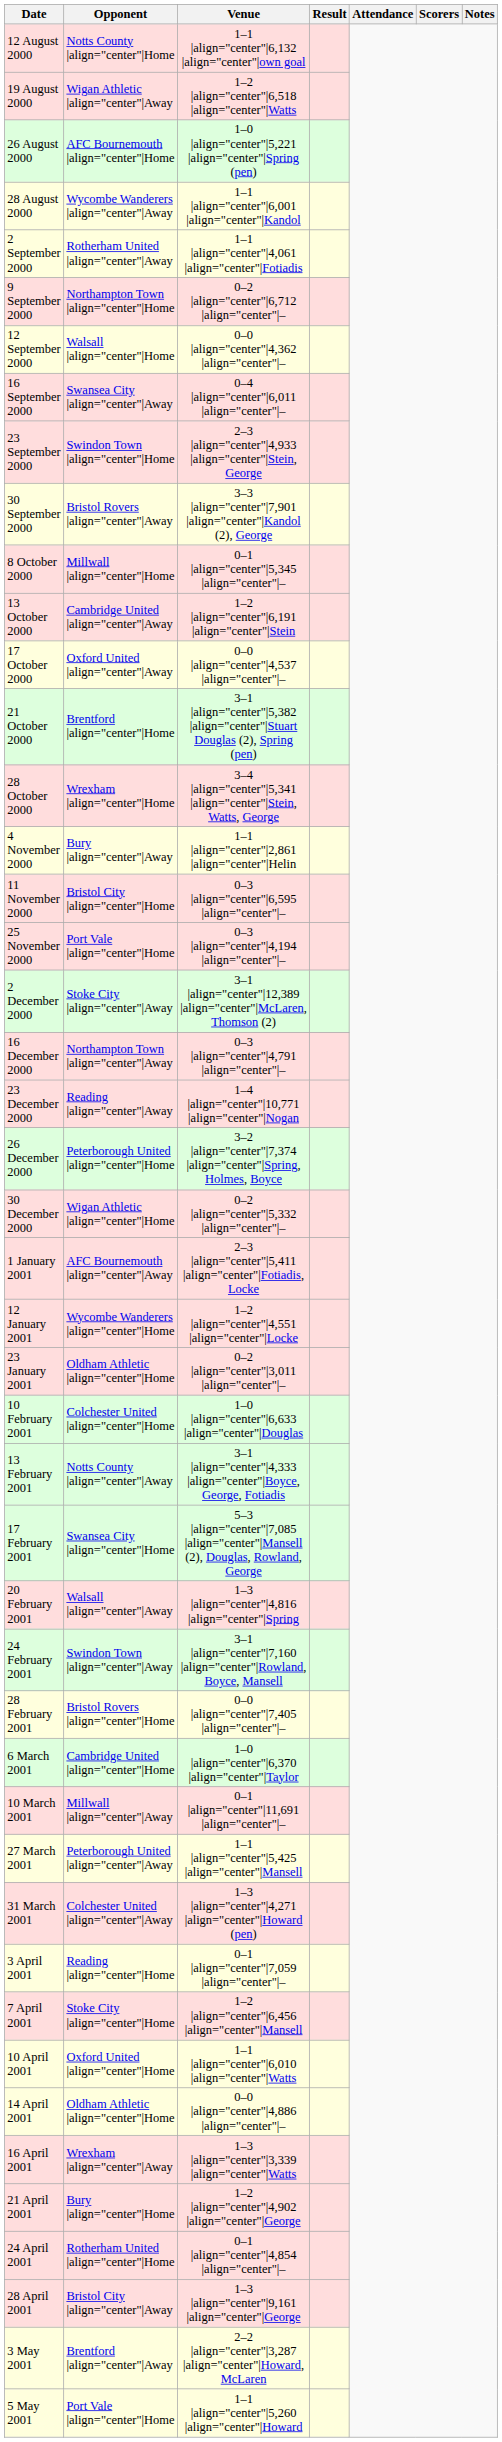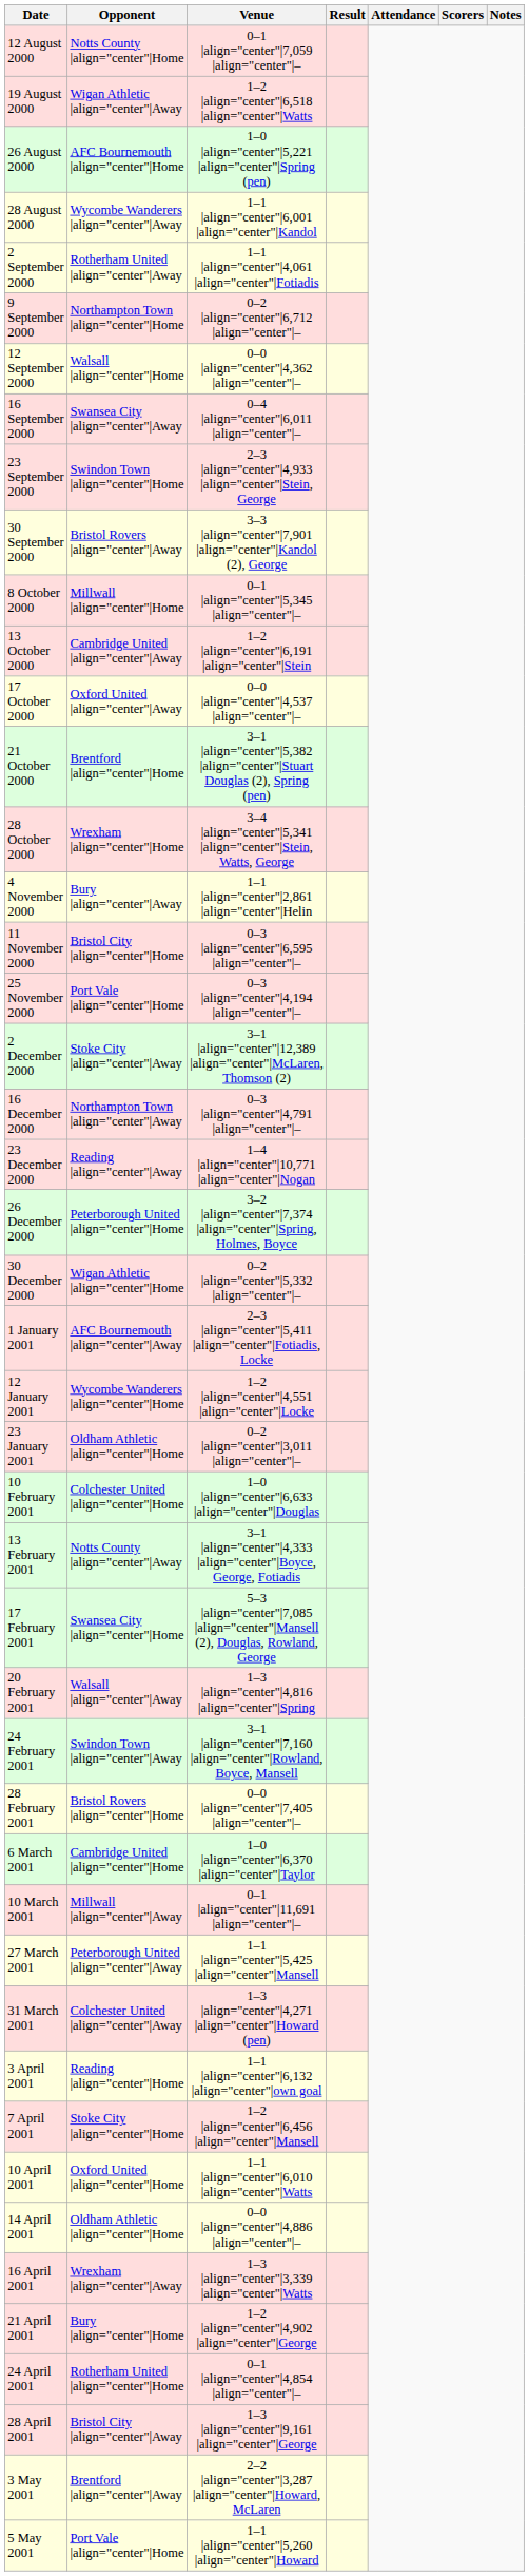 <table class="wikitable">
 <tr>
 <th>Date</th>
 <th>Opponent</th>
 <th>Venue</th>
 <th>Result</th>
 <th>Attendance</th>
 <th>Scorers</th>
 <th>Notes</th>
 </tr>
 <tr style="background:#fdd;">
 <td>12 August 2000</td>
 <td><a href='#'>Notts County</a><br>|align="center"|Home</td>
-<td style="text-align:center;">1–1<br>|align="center"|6,132 |align="center"|<a href='#'>own goal</a></td>
+<td style="text-align:center;">0–1<br>|align="center"|7,059 |align="center"|–</td>
 <td style="text-align:center;"></td>
 </tr>
 <tr style="background:#fdd;">
 <td>19 August 2000</td>
 <td><a href='#'>Wigan Athletic</a><br>|align="center"|Away</td>
 <td style="text-align:center;">1–2<br>|align="center"|6,518 |align="center"|<a href='#'>Watts</a></td>
 <td style="text-align:center;"></td>
 </tr>
 <tr style="background:#dfd;">
 <td>26 August 2000</td>
 <td><a href='#'>AFC Bournemouth</a><br>|align="center"|Home</td>
 <td style="text-align:center;">1–0<br>|align="center"|5,221 |align="center"|<a href='#'>Spring</a> (<a href='#'>pen</a>)</td>
 <td style="text-align:center;"></td>
 </tr>
 <tr style="background:#ffd;">
 <td>28 August 2000</td>
 <td><a href='#'>Wycombe Wanderers</a><br>|align="center"|Away</td>
 <td style="text-align:center;">1–1<br>|align="center"|6,001 |align="center"|<a href='#'>Kandol</a></td>
 <td style="text-align:center;"></td>
 </tr>
 <tr style="background:#ffd;">
 <td>2 September 2000</td>
 <td><a href='#'>Rotherham United</a><br>|align="center"|Away</td>
 <td style="text-align:center;">1–1<br>|align="center"|4,061 |align="center"|<a href='#'>Fotiadis</a></td>
 <td style="text-align:center;"></td>
 </tr>
 <tr style="background:#fdd;">
 <td>9 September 2000</td>
 <td><a href='#'>Northampton Town</a><br>|align="center"|Home</td>
 <td style="text-align:center;">0–2<br>|align="center"|6,712 |align="center"|–</td>
 <td style="text-align:center;"></td>
 </tr>
 <tr style="background:#ffd;">
 <td>12 September 2000</td>
 <td><a href='#'>Walsall</a><br>|align="center"|Home</td>
 <td style="text-align:center;">0–0<br>|align="center"|4,362 |align="center"|–</td>
 <td style="text-align:center;"></td>
 </tr>
 <tr style="background:#fdd;">
 <td>16 September 2000</td>
 <td><a href='#'>Swansea City</a><br>|align="center"|Away</td>
 <td style="text-align:center;">0–4<br>|align="center"|6,011 |align="center"|–</td>
 <td style="text-align:center;"></td>
 </tr>
 <tr style="background:#fdd;">
 <td>23 September 2000</td>
 <td><a href='#'>Swindon Town</a><br>|align="center"|Home</td>
 <td style="text-align:center;">2–3<br>|align="center"|4,933 |align="center"|<a href='#'>Stein</a>, <a href='#'>George</a></td>
 <td style="text-align:center;"></td>
 </tr>
 <tr style="background:#ffd;">
 <td>30 September 2000</td>
 <td><a href='#'>Bristol Rovers</a><br>|align="center"|Away</td>
 <td style="text-align:center;">3–3<br>|align="center"|7,901 |align="center"|<a href='#'>Kandol</a> (2), <a href='#'>George</a></td>
 <td style="text-align:center;"></td>
 </tr>
 <tr style="background:#fdd;">
 <td>8 October 2000</td>
 <td><a href='#'>Millwall</a><br>|align="center"|Home</td>
 <td style="text-align:center;">0–1<br>|align="center"|5,345 |align="center"|–</td>
 <td style="text-align:center;"></td>
 </tr>
 <tr style="background:#fdd;">
 <td>13 October 2000</td>
 <td><a href='#'>Cambridge United</a><br>|align="center"|Away</td>
 <td style="text-align:center;">1–2<br>|align="center"|6,191 |align="center"|<a href='#'>Stein</a></td>
 <td style="text-align:center;"></td>
 </tr>
 <tr style="background:#ffd;">
 <td>17 October 2000</td>
 <td><a href='#'>Oxford United</a><br>|align="center"|Away</td>
 <td style="text-align:center;">0–0<br>|align="center"|4,537 |align="center"|–</td>
 <td style="text-align:center;"></td>
 </tr>
 <tr style="background:#dfd;">
 <td>21 October 2000</td>
 <td><a href='#'>Brentford</a><br>|align="center"|Home</td>
 <td style="text-align:center;">3–1<br>|align="center"|5,382 |align="center"|<a href='#'>Stuart Douglas</a> (2), <a href='#'>Spring</a> (<a href='#'>pen</a>)</td>
 <td style="text-align:center;"></td>
 </tr>
 <tr style="background:#fdd;">
 <td>28 October 2000</td>
 <td><a href='#'>Wrexham</a><br>|align="center"|Home</td>
 <td style="text-align:center;">3–4<br>|align="center"|5,341 |align="center"|<a href='#'>Stein</a>, <a href='#'>Watts</a>, <a href='#'>George</a></td>
 <td style="text-align:center;"></td>
 </tr>
 <tr style="background:#ffd;">
 <td>4 November 2000</td>
 <td><a href='#'>Bury</a><br>|align="center"|Away</td>
 <td style="text-align:center;">1–1<br>|align="center"|2,861 |align="center"|Helin</td>
 <td style="text-align:center;"></td>
 </tr>
 <tr style="background:#fdd;">
 <td>11 November 2000</td>
 <td><a href='#'>Bristol City</a><br>|align="center"|Home</td>
 <td style="text-align:center;">0–3<br>|align="center"|6,595 |align="center"|–</td>
 <td style="text-align:center;"></td>
 </tr>
 <tr style="background:#fdd;">
 <td>25 November 2000</td>
 <td><a href='#'>Port Vale</a><br>|align="center"|Home</td>
 <td style="text-align:center;">0–3<br>|align="center"|4,194 |align="center"|–</td>
 <td style="text-align:center;"></td>
 </tr>
 <tr style="background:#dfd;">
 <td>2 December 2000</td>
 <td><a href='#'>Stoke City</a><br>|align="center"|Away</td>
 <td style="text-align:center;">3–1<br>|align="center"|12,389 |align="center"|<a href='#'>McLaren</a>, <a href='#'>Thomson</a> (2)</td>
 <td style="text-align:center;"></td>
 </tr>
 <tr style="background:#fdd;">
 <td>16 December 2000</td>
 <td><a href='#'>Northampton Town</a><br>|align="center"|Away</td>
 <td style="text-align:center;">0–3<br>|align="center"|4,791 |align="center"|–</td>
 <td style="text-align:center;"></td>
 </tr>
 <tr style="background:#fdd;">
 <td>23 December 2000</td>
 <td><a href='#'>Reading</a><br>|align="center"|Away</td>
 <td style="text-align:center;">1–4<br>|align="center"|10,771 |align="center"|<a href='#'>Nogan</a></td>
 <td style="text-align:center;"></td>
 </tr>
 <tr style="background:#dfd;">
 <td>26 December 2000</td>
 <td><a href='#'>Peterborough United</a><br>|align="center"|Home</td>
 <td style="text-align:center;">3–2<br>|align="center"|7,374 |align="center"|<a href='#'>Spring</a>, <a href='#'>Holmes</a>, <a href='#'>Boyce</a></td>
 <td style="text-align:center;"></td>
 </tr>
 <tr style="background:#fdd;">
 <td>30 December 2000</td>
 <td><a href='#'>Wigan Athletic</a><br>|align="center"|Home</td>
 <td style="text-align:center;">0–2<br>|align="center"|5,332 |align="center"|–</td>
 <td style="text-align:center;"></td>
 </tr>
 <tr style="background:#fdd;">
 <td>1 January 2001</td>
 <td><a href='#'>AFC Bournemouth</a><br>|align="center"|Away</td>
 <td style="text-align:center;">2–3<br>|align="center"|5,411 |align="center"|<a href='#'>Fotiadis</a>, <a href='#'>Locke</a></td>
 <td style="text-align:center;"></td>
 </tr>
 <tr style="background:#fdd;">
 <td>12 January 2001</td>
 <td><a href='#'>Wycombe Wanderers</a><br>|align="center"|Home</td>
 <td style="text-align:center;">1–2<br>|align="center"|4,551 |align="center"|<a href='#'>Locke</a></td>
 <td style="text-align:center;"></td>
 </tr>
 <tr style="background:#fdd;">
 <td>23 January 2001</td>
 <td><a href='#'>Oldham Athletic</a><br>|align="center"|Home</td>
 <td style="text-align:center;">0–2<br>|align="center"|3,011 |align="center"|–</td>
 <td style="text-align:center;"></td>
 </tr>
 <tr style="background:#dfd;">
 <td>10 February 2001</td>
 <td><a href='#'>Colchester United</a><br>|align="center"|Home</td>
 <td style="text-align:center;">1–0<br>|align="center"|6,633 |align="center"|<a href='#'>Douglas</a></td>
 <td style="text-align:center;"></td>
 </tr>
 <tr style="background:#dfd;">
 <td>13 February 2001</td>
 <td><a href='#'>Notts County</a><br>|align="center"|Away</td>
 <td style="text-align:center;">3–1<br>|align="center"|4,333 |align="center"|<a href='#'>Boyce</a>, <a href='#'>George</a>, <a href='#'>Fotiadis</a></td>
 <td style="text-align:center;"></td>
 </tr>
 <tr style="background:#dfd;">
 <td>17 February 2001</td>
 <td><a href='#'>Swansea City</a><br>|align="center"|Home</td>
 <td style="text-align:center;">5–3<br>|align="center"|7,085 |align="center"|<a href='#'>Mansell</a> (2), <a href='#'>Douglas</a>, <a href='#'>Rowland</a>, <a href='#'>George</a></td>
 <td style="text-align:center;"></td>
 </tr>
 <tr style="background:#fdd;">
 <td>20 February 2001</td>
 <td><a href='#'>Walsall</a><br>|align="center"|Away</td>
 <td style="text-align:center;">1–3<br>|align="center"|4,816 |align="center"|<a href='#'>Spring</a></td>
 <td style="text-align:center;"></td>
 </tr>
 <tr style="background:#dfd;">
 <td>24 February 2001</td>
 <td><a href='#'>Swindon Town</a><br>|align="center"|Away</td>
 <td style="text-align:center;">3–1<br>|align="center"|7,160 |align="center"|<a href='#'>Rowland</a>, <a href='#'>Boyce</a>, <a href='#'>Mansell</a></td>
 <td style="text-align:center;"></td>
 </tr>
 <tr style="background:#ffd;">
 <td>28 February 2001</td>
 <td><a href='#'>Bristol Rovers</a><br>|align="center"|Home</td>
 <td style="text-align:center;">0–0<br>|align="center"|7,405 |align="center"|–</td>
 <td style="text-align:center;"></td>
 </tr>
 <tr style="background:#dfd;">
 <td>6 March 2001</td>
 <td><a href='#'>Cambridge United</a><br>|align="center"|Home</td>
 <td style="text-align:center;">1–0<br>|align="center"|6,370 |align="center"|<a href='#'>Taylor</a></td>
 <td style="text-align:center;"></td>
 </tr>
 <tr style="background:#fdd;">
 <td>10 March 2001</td>
 <td><a href='#'>Millwall</a><br>|align="center"|Away</td>
 <td style="text-align:center;">0–1<br>|align="center"|11,691 |align="center"|–</td>
 <td style="text-align:center;"></td>
 </tr>
 <tr style="background:#ffd;">
 <td>27 March 2001</td>
 <td><a href='#'>Peterborough United</a><br>|align="center"|Away</td>
 <td style="text-align:center;">1–1<br>|align="center"|5,425 |align="center"|<a href='#'>Mansell</a></td>
 <td style="text-align:center;"></td>
 </tr>
 <tr style="background:#fdd;">
 <td>31 March 2001</td>
 <td><a href='#'>Colchester United</a><br>|align="center"|Away</td>
 <td style="text-align:center;">1–3<br>|align="center"|4,271 |align="center"|<a href='#'>Howard</a> (<a href='#'>pen</a>)</td>
 <td style="text-align:center;"></td>
 </tr>
 <tr style="background:#ffd;">
 <td>3 April 2001</td>
 <td><a href='#'>Reading</a><br>|align="center"|Home</td>
-<td style="text-align:center;">0–1<br>|align="center"|7,059 |align="center"|–</td>
+<td style="text-align:center;">1–1<br>|align="center"|6,132 |align="center"|<a href='#'>own goal</a></td>
 <td style="text-align:center;"></td>
 </tr>
 <tr style="background:#fdd;">
 <td>7 April 2001</td>
 <td><a href='#'>Stoke City</a><br>|align="center"|Home</td>
 <td style="text-align:center;">1–2<br>|align="center"|6,456 |align="center"|<a href='#'>Mansell</a></td>
 <td style="text-align:center;"></td>
 </tr>
 <tr style="background:#ffd;">
 <td>10 April 2001</td>
 <td><a href='#'>Oxford United</a><br>|align="center"|Home</td>
 <td style="text-align:center;">1–1<br>|align="center"|6,010 |align="center"|<a href='#'>Watts</a></td>
 <td style="text-align:center;"></td>
 </tr>
 <tr style="background:#ffd;">
 <td>14 April 2001</td>
 <td><a href='#'>Oldham Athletic</a><br>|align="center"|Home</td>
 <td style="text-align:center;">0–0<br>|align="center"|4,886 |align="center"|–</td>
 <td style="text-align:center;"></td>
 </tr>
 <tr style="background:#fdd;">
 <td>16 April 2001</td>
 <td><a href='#'>Wrexham</a><br>|align="center"|Away</td>
 <td style="text-align:center;">1–3<br>|align="center"|3,339 |align="center"|<a href='#'>Watts</a></td>
 <td style="text-align:center;"></td>
 </tr>
 <tr style="background:#fdd;">
 <td>21 April 2001</td>
 <td><a href='#'>Bury</a><br>|align="center"|Home</td>
 <td style="text-align:center;">1–2<br>|align="center"|4,902 |align="center"|<a href='#'>George</a></td>
 <td style="text-align:center;"></td>
 </tr>
 <tr style="background:#fdd;">
 <td>24 April 2001</td>
 <td><a href='#'>Rotherham United</a><br>|align="center"|Home</td>
 <td style="text-align:center;">0–1<br>|align="center"|4,854 |align="center"|–</td>
 <td style="text-align:center;"></td>
 </tr>
 <tr style="background:#fdd;">
 <td>28 April 2001</td>
 <td><a href='#'>Bristol City</a><br>|align="center"|Away</td>
 <td style="text-align:center;">1–3<br>|align="center"|9,161 |align="center"|<a href='#'>George</a></td>
 <td style="text-align:center;"></td>
 </tr>
 <tr style="background:#ffd;">
 <td>3 May 2001</td>
 <td><a href='#'>Brentford</a><br>|align="center"|Away</td>
 <td style="text-align:center;">2–2<br>|align="center"|3,287 |align="center"|<a href='#'>Howard</a>, <a href='#'>McLaren</a></td>
 <td style="text-align:center;"></td>
 </tr>
 <tr style="background:#ffd;">
 <td>5 May 2001</td>
 <td><a href='#'>Port Vale</a><br>|align="center"|Home</td>
 <td style="text-align:center;">1–1<br>|align="center"|5,260 |align="center"|<a href='#'>Howard</a></td>
 <td style="text-align:center;"></td>
 </tr>
 </table>
